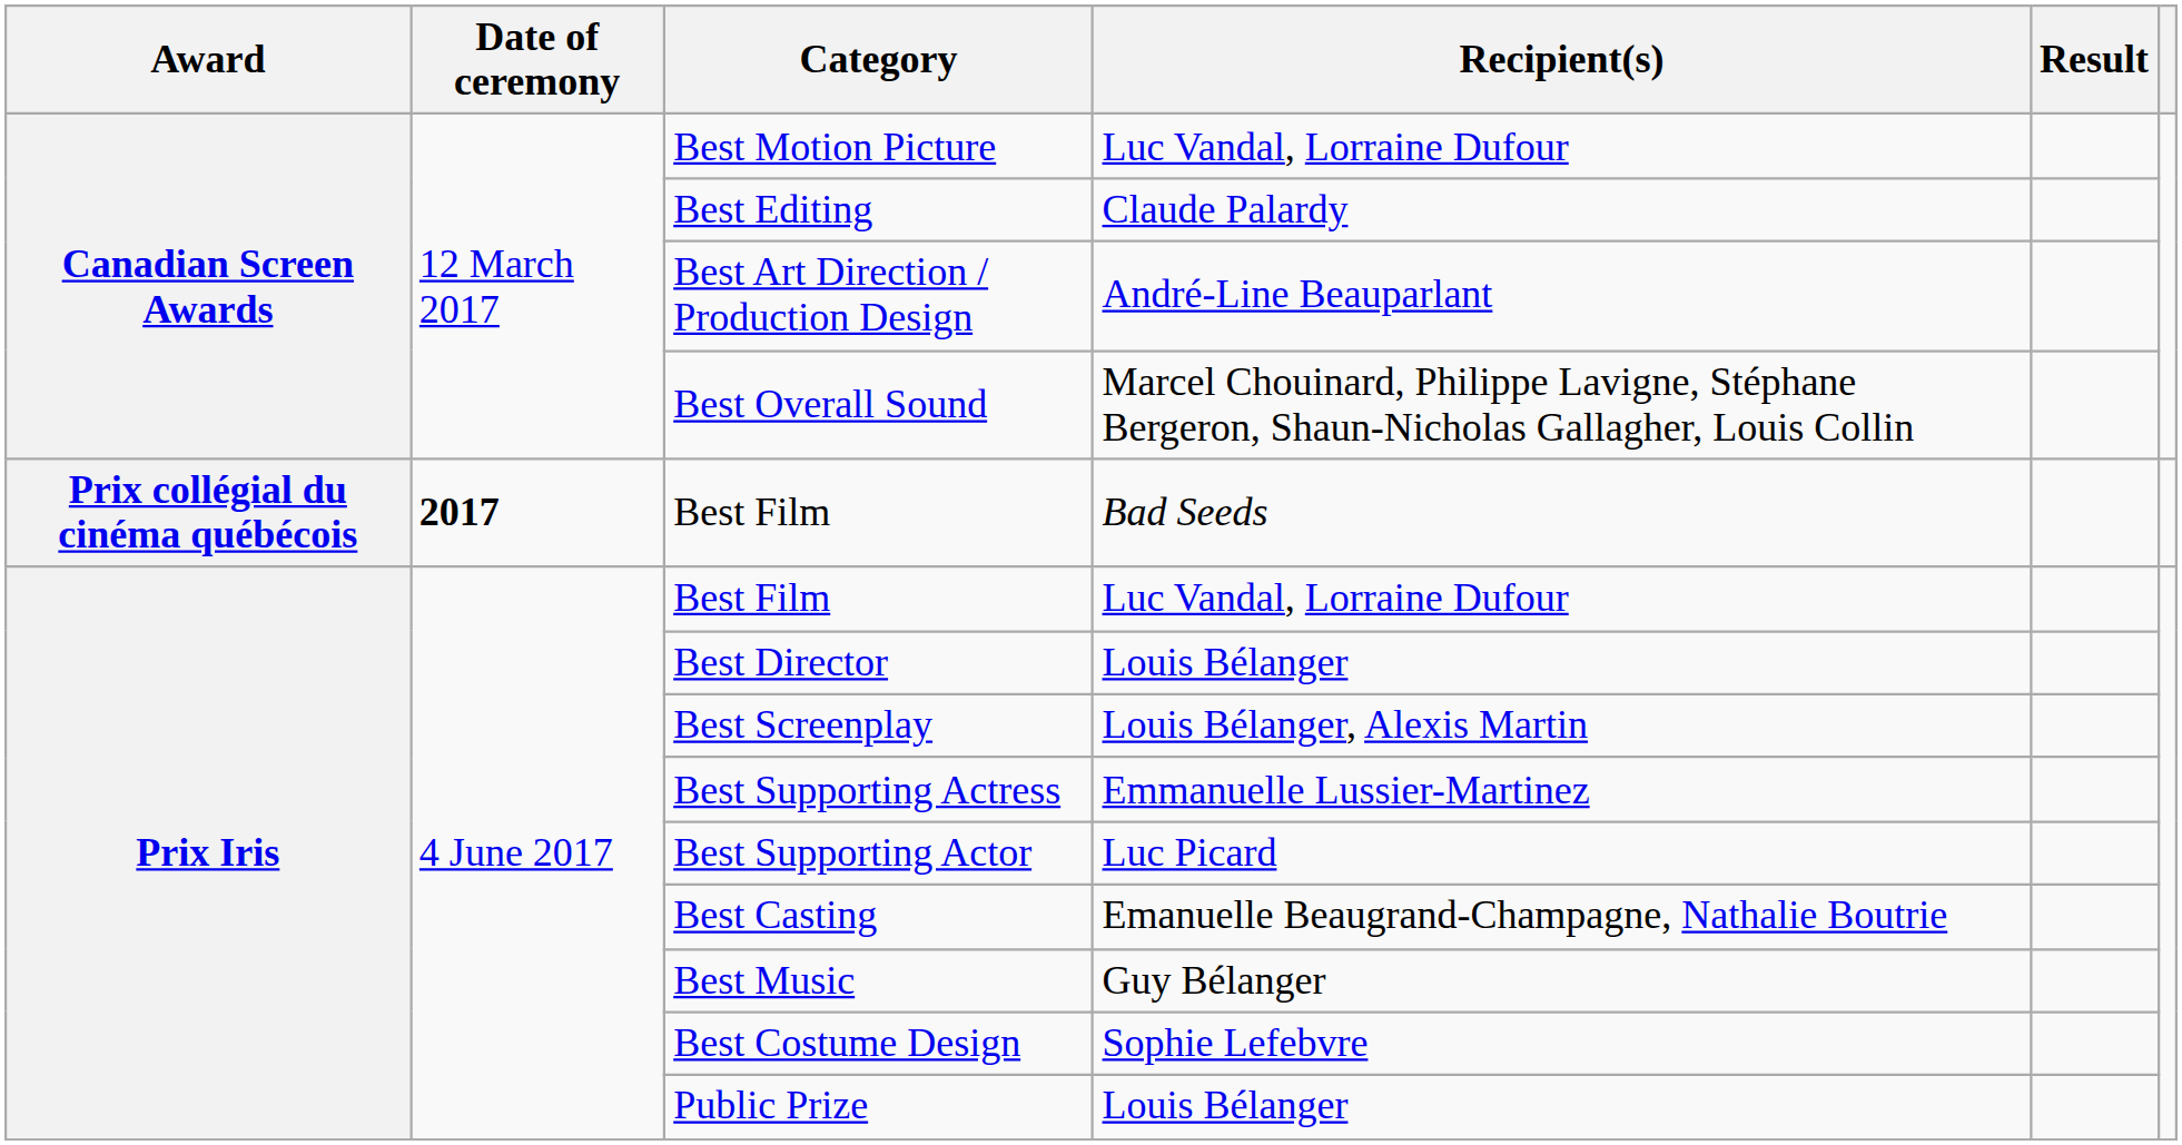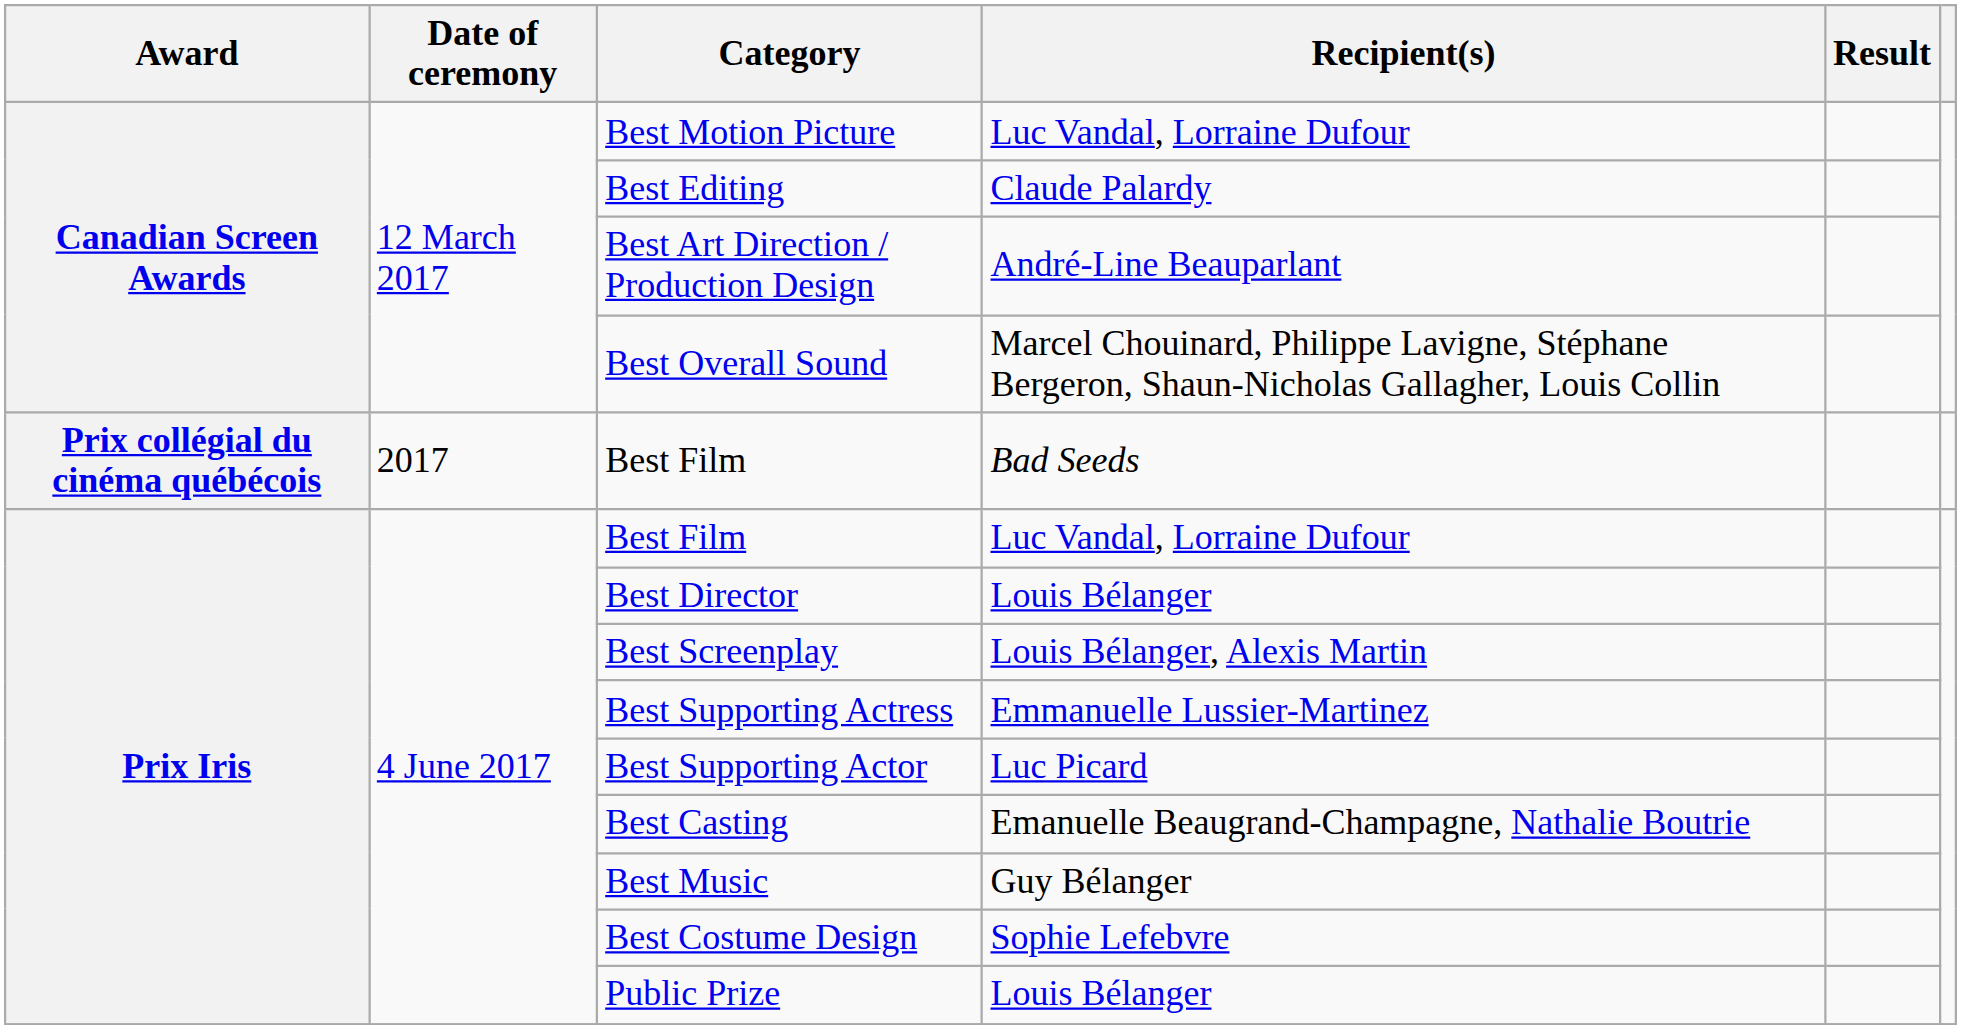 <table class="wikitable plainrowheaders sortable">
 <tr>
 <th scope="col">Award</th>
 <th scope="col">Date of ceremony</th>
 <th scope="col">Category</th>
 <th scope="col">Recipient(s)</th>
 <th scope="col">Result</th>
 <th scope="col" class="unsortable"></th>
 </tr>
 <tr>
 <th scope="row" rowspan=4><a href='#'>Canadian Screen Awards</a></th>
 <td rowspan=4><a href='#'>12 March 2017</a></td>
 <td><a href='#'>Best Motion Picture</a></td>
 <td><a href='#'>Luc Vandal</a>, <a href='#'>Lorraine Dufour</a></td>
 <td></td>
 <td style="text-align:center;" rowspan=4></td>
 </tr>
 <tr>
 <td><a href='#'>Best Editing</a></td>
 <td><a href='#'>Claude Palardy</a></td>
 <td></td>
 </tr>
 <tr>
 <td><a href='#'>Best Art Direction / Production Design</a></td>
 <td><a href='#'>André-Line Beauparlant</a></td>
 <td></td>
 </tr>
 <tr>
 <td><a href='#'>Best Overall Sound</a></td>
 <td>Marcel Chouinard, Philippe Lavigne, Stéphane Bergeron, Shaun-Nicholas Gallagher, Louis Collin</td>
 <td></td>
 </tr>
 <tr>
 <th scope="row"><a href='#'>Prix collégial du cinéma québécois</a></th>
-<td><strong>2017</strong></td>
+<td>2017</td>
 <td>Best Film</td>
 <td><em>Bad Seeds</em></td>
 <td></td>
 <td style="text-align:center;"></td>
 </tr>
 <tr>
 <th scope="row" rowspan=9><a href='#'>Prix Iris</a></th>
 <td rowspan=9><a href='#'>4 June 2017</a></td>
 <td><a href='#'>Best Film</a></td>
 <td><a href='#'>Luc Vandal</a>, <a href='#'>Lorraine Dufour</a></td>
 <td></td>
 <td style="text-align:center;" rowspan=9></td>
 </tr>
 <tr>
 <td><a href='#'>Best Director</a></td>
 <td><a href='#'>Louis Bélanger</a></td>
 <td></td>
 </tr>
 <tr>
 <td><a href='#'>Best Screenplay</a></td>
 <td><a href='#'>Louis Bélanger</a>, <a href='#'>Alexis Martin</a></td>
 <td></td>
 </tr>
 <tr>
 <td><a href='#'>Best Supporting Actress</a></td>
 <td><a href='#'>Emmanuelle Lussier-Martinez</a></td>
 <td></td>
 </tr>
 <tr>
 <td><a href='#'>Best Supporting Actor</a></td>
 <td><a href='#'>Luc Picard</a></td>
 <td></td>
 </tr>
 <tr>
 <td><a href='#'>Best Casting</a></td>
 <td>Emanuelle Beaugrand-Champagne, <a href='#'>Nathalie Boutrie</a></td>
 <td></td>
 </tr>
 <tr>
 <td><a href='#'>Best Music</a></td>
 <td>Guy Bélanger</td>
 <td></td>
 </tr>
 <tr>
 <td><a href='#'>Best Costume Design</a></td>
 <td><a href='#'>Sophie Lefebvre</a></td>
 <td></td>
 </tr>
 <tr>
 <td><a href='#'>Public Prize</a></td>
 <td><a href='#'>Louis Bélanger</a></td>
 <td></td>
 </tr>
 <tr>
 </tr>
 </table>
